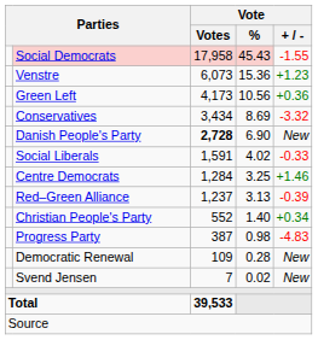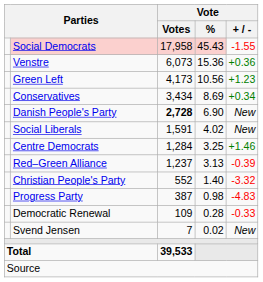 <table class="wikitable" style="text-align:right;">
 <tr>
 <th style="text-align:centre;" rowspan="2" colspan="2" width="225">Parties</th>
 <th colspan="3">Vote</th>
 </tr>
 <tr>
 <th width="15">Votes</th>
 <th width="15">%</th>
 <th width="15">+ / -</th>
 </tr>
 <tr>
 <td width="2" style="color:inherit;background:"></td>
 <td bgcolor=#fbd0ce  align="left"><a href='#'>Social Democrats</a></td>
 <td bgcolor=#fbd0ce>17,958</td>
 <td bgcolor=#fbd0ce>45.43</td>
 <td style=color:red;>-1.55</td>
 </tr>
 <tr>
 <td width="2" style="color:inherit;background:"></td>
 <td align="left"><a href='#'>Venstre</a></td>
 <td>6,073</td>
 <td>15.36</td>
-<td style=color:green;>+1.23</td>
+<td style=color:green;>+0.36</td>
 </tr>
 <tr>
 <td width="2" style="color:inherit;background:"></td>
 <td align="left"><a href='#'>Green Left</a></td>
 <td>4,173</td>
 <td>10.56</td>
-<td style=color:green;>+0.36</td>
+<td style=color:green;>+1.23</td>
 </tr>
 <tr>
 <td width="2" style="color:inherit;background:"></td>
 <td align="left"><a href='#'>Conservatives</a></td>
 <td>3,434</td>
 <td>8.69</td>
-<td style=color:red;>-3.32</td>
+<td style=color:green;>+0.34</td>
 </tr>
 <tr>
 <td width="2" style="color:inherit;background:"></td>
 <td align="left"><a href='#'>Danish People's Party</a></td>
 <td><strong>2,728</strong></td>
 <td>6.90</td>
 <td><em>New</em></td>
 </tr>
 <tr>
 <td width="2" style="color:inherit;background:"></td>
 <td align="left"><a href='#'>Social Liberals</a></td>
 <td>1,591</td>
 <td>4.02</td>
-<td style=color:red;>-0.33</td>
+<td><em>New</em></td>
 </tr>
 <tr>
 <td width="2" style="color:inherit;background:"></td>
 <td align="left"><a href='#'>Centre Democrats</a></td>
 <td>1,284</td>
 <td>3.25</td>
 <td style=color:green;>+1.46</td>
 </tr>
 <tr>
 <td width="2" style="color:inherit;background:"></td>
 <td align="left"><a href='#'>Red–Green Alliance</a></td>
 <td>1,237</td>
 <td>3.13</td>
 <td style=color:red;>-0.39</td>
 </tr>
 <tr>
 <td width="2" style="color:inherit;background:"></td>
 <td align="left"><a href='#'>Christian People's Party</a></td>
 <td>552</td>
 <td>1.40</td>
-<td style=color:green;>+0.34</td>
+<td style=color:red;>-3.32</td>
 </tr>
 <tr>
 <td width="2" style="color:inherit;background:"></td>
 <td align="left"><a href='#'>Progress Party</a></td>
 <td>387</td>
 <td>0.98</td>
 <td style=color:red;>-4.83</td>
 </tr>
 <tr>
 <td width="2" style="color:inherit;background:"></td>
 <td align="left">Democratic Renewal</td>
 <td>109</td>
 <td>0.28</td>
-<td><em>New</em></td>
+<td style=color:red;>-0.33</td>
 </tr>
 <tr>
 <td width="2" style="color:inherit;background:"></td>
 <td align="left">Svend Jensen</td>
 <td>7</td>
 <td>0.02</td>
 <td><em>New</em></td>
 </tr>
 <tr>
 <td colspan="7" bgcolor="#E9E9E9"></td>
 </tr>
 <tr>
 <td align="left" colspan="2"><strong>Total</strong></td>
 <td><strong>39,533</strong></td>
 <td bgcolor="#E9E9E9" colspan="2"></td>
 </tr>
 <tr>
 <td align="left" colspan="6">Source</td>
 </tr>
 </table>
